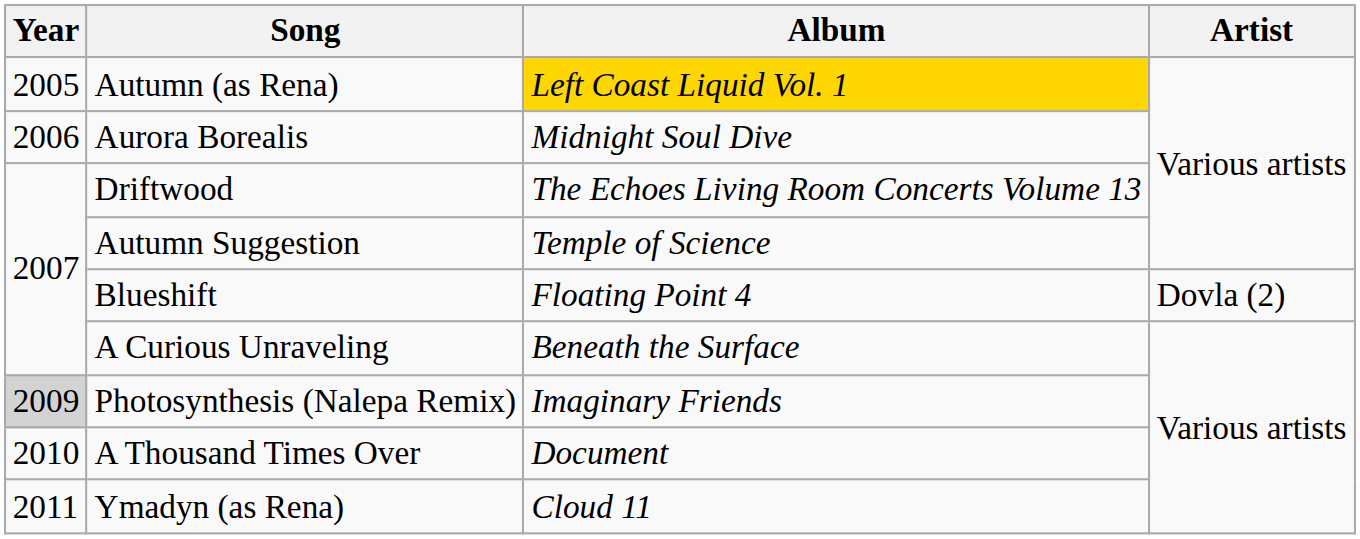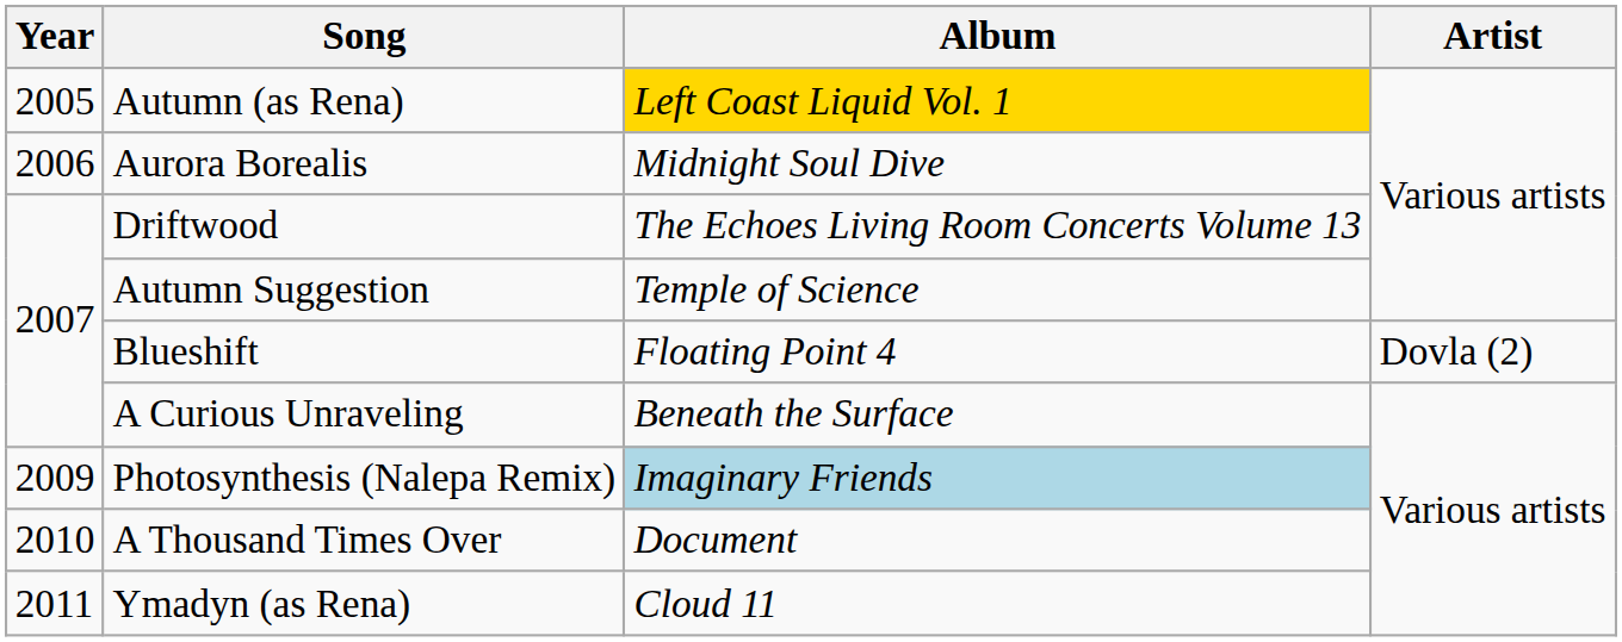 <table class="wikitable sortable">
 <tr>
 <th>Year</th>
 <th class="unsortable">Song</th>
 <th class="unsortable">Album</th>
 <th class="unsortable">Artist</th>
 </tr>
 <tr>
 <td>2005</td>
 <td>Autumn (as Rena)</td>
 <td style="background: gold;"><em>Left Coast Liquid Vol. 1</em></td>
 <td rowspan="4">Various artists</td>
 </tr>
 <tr>
 <td>2006</td>
 <td>Aurora Borealis</td>
 <td><em>Midnight Soul Dive</em></td>
 </tr>
 <tr>
 <td rowspan="4">2007</td>
 <td>Driftwood</td>
 <td><em>The Echoes Living Room Concerts Volume 13</em></td>
 </tr>
 <tr>
 <td>Autumn Suggestion</td>
 <td><em>Temple of Science</em></td>
 </tr>
 <tr>
 <td>Blueshift</td>
 <td><em>Floating Point 4</em></td>
 <td>Dovla (2)</td>
 </tr>
 <tr>
 <td>A Curious Unraveling</td>
 <td><em>Beneath the Surface</em></td>
 <td rowspan="4">Various artists</td>
 </tr>
 <tr>
-<td style="background: lightgrey;">2009</td>
+<td>2009</td>
 <td>Photosynthesis (Nalepa Remix)</td>
-<td><em>Imaginary Friends</em></td>
+<td style="background: lightblue;"><em>Imaginary Friends</em></td>
 </tr>
 <tr>
 <td>2010</td>
 <td>A Thousand Times Over</td>
 <td><em>Document</em></td>
 </tr>
 <tr>
 <td>2011</td>
 <td>Ymadyn (as Rena)</td>
 <td><em>Cloud 11</em></td>
 </tr>
 </table>
